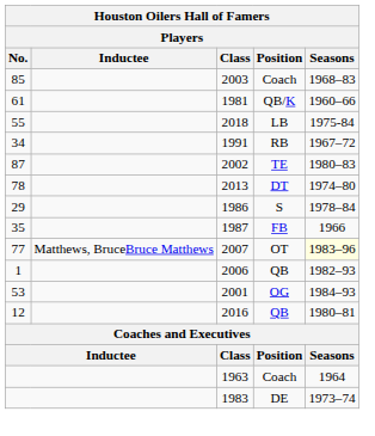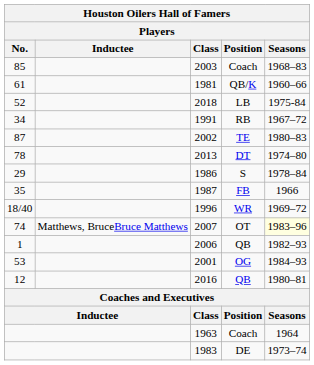 <table class="wikitable"  style="text-align:center">
 <tr>
 <th colspan="5">Houston Oilers Hall of Famers</th>
 </tr>
 <tr>
 <th colspan="5">Players</th>
 </tr>
 <tr>
 <th scope="col">No.</th>
 <th scope="col">Inductee</th>
 <th scope="col">Class</th>
 <th scope="col">Position</th>
 <th scope="col">Seasons</th>
 </tr>
 <tr>
 <td>85</td>
 <td></td>
 <td>2003</td>
 <td>Coach</td>
 <td>1968–83</td>
 </tr>
 <tr>
 <td>61</td>
 <td></td>
 <td>1981</td>
 <td>QB/<a href='#'>K</a></td>
 <td>1960–66</td>
 </tr>
 <tr>
-<td>55</td>
+<td>52</td>
 <td></td>
 <td>2018</td>
 <td>LB</td>
 <td>1975-84</td>
 </tr>
 <tr>
 <td>34</td>
 <td></td>
 <td>1991</td>
 <td>RB</td>
 <td>1967–72</td>
 </tr>
 <tr>
 <td>87</td>
 <td></td>
 <td>2002</td>
 <td><a href='#'>TE</a></td>
 <td>1980–83</td>
 </tr>
 <tr>
 <td>78</td>
 <td></td>
 <td>2013</td>
 <td><a href='#'>DT</a></td>
 <td>1974–80</td>
 </tr>
 <tr>
 <td>29</td>
 <td></td>
 <td>1986</td>
 <td>S</td>
 <td>1978–84</td>
 </tr>
 <tr>
 <td>35</td>
 <td></td>
 <td>1987</td>
 <td><a href='#'>FB</a></td>
 <td>1966</td>
 </tr>
 <tr>
-<td>77</td>
+<td>18/40</td>
+<td></td>
+<td>1996</td>
+<td><a href='#'>WR</a></td>
+<td>1969–72</td>
+</tr>
+<tr>
+<td>74</td>
 <td><span>Matthews, Bruce</span><a href='#'>Bruce Matthews</a></td>
 <td>2007</td>
 <td>OT</td>
 <td style="background: lightyellow;">1983–96</td>
 </tr>
 <tr>
 <td>1</td>
 <td></td>
 <td>2006</td>
 <td>QB</td>
 <td>1982–93</td>
 </tr>
 <tr>
 <td>53</td>
 <td></td>
 <td>2001</td>
 <td><a href='#'>OG</a></td>
 <td>1984–93</td>
 </tr>
 <tr>
 <td>12</td>
 <td></td>
 <td>2016</td>
 <td><a href='#'>QB</a></td>
 <td>1980–81</td>
 </tr>
 <tr>
 <th colspan="5">Coaches and Executives</th>
 </tr>
 <tr>
 <th scope="col" colspan=2>Inductee</th>
 <th scope="col">Class</th>
 <th scope="col">Position</th>
 <th scope="col">Seasons</th>
 </tr>
 <tr>
 <td colspan=2></td>
 <td>1963</td>
 <td>Coach</td>
 <td>1964</td>
 </tr>
 <tr>
 <td colspan=2></td>
 <td>1983</td>
 <td>DE</td>
 <td>1973–74</td>
 </tr>
 </table>
